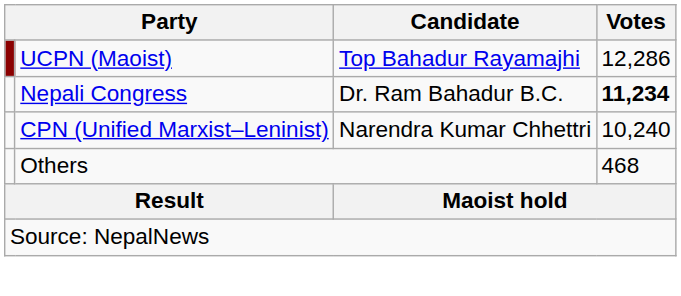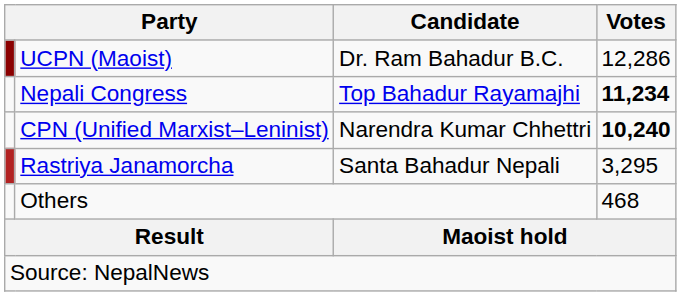 <table class="wikitable">
 <tr>
 <th colspan="2">Party</th>
 <th>Candidate</th>
 <th>Votes</th>
 </tr>
 <tr>
 <td style="background-color:darkred"></td>
 <td><a href='#'>UCPN (Maoist)</a></td>
-<td><a href='#'>Top Bahadur Rayamajhi</a></td>
+<td>Dr. Ram Bahadur B.C.</td>
 <td>12,286</td>
 </tr>
 <tr>
 <td style="background-color:"></td>
 <td><a href='#'>Nepali Congress</a></td>
-<td>Dr. Ram Bahadur B.C.</td>
+<td><a href='#'>Top Bahadur Rayamajhi</a></td>
 <td><strong>11,234</strong></td>
 </tr>
 <tr>
 <td style="background-color:"></td>
 <td><a href='#'>CPN (Unified Marxist–Leninist)</a></td>
 <td>Narendra Kumar Chhettri</td>
-<td>10,240</td>
+<td><strong>10,240</strong></td>
+</tr>
+<tr>
+<td style="background-color:firebrick"></td>
+<td><a href='#'>Rastriya Janamorcha</a></td>
+<td>Santa Bahadur Nepali</td>
+<td>3,295</td>
 </tr>
 <tr>
 <td></td>
 <td colspan="2">Others</td>
 <td>468</td>
 </tr>
 <tr>
 <th colspan="2">Result</th>
 <th colspan="2">Maoist hold</th>
 </tr>
 <tr>
 <td colspan="4">Source: NepalNews</td>
 </tr>
 </table>
